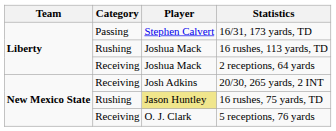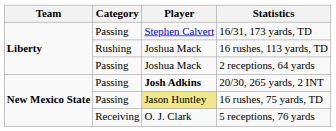 <table class="wikitable" style="float: left;">
 <tr>
 <th>Team</th>
 <th>Category</th>
 <th>Player</th>
 <th>Statistics</th>
 </tr>
 <tr>
 <td rowspan=3><strong>Liberty</strong></td>
 <td>Passing</td>
 <td><a href='#'>Stephen Calvert</a></td>
 <td>16/31, 173 yards, TD</td>
 </tr>
 <tr>
 <td>Rushing</td>
 <td>Joshua Mack</td>
 <td>16 rushes, 113 yards, TD</td>
 </tr>
 <tr>
-<td>Receiving</td>
+<td>Passing</td>
 <td>Joshua Mack</td>
 <td>2 receptions, 64 yards</td>
 </tr>
 <tr>
 <td rowspan=3><strong>New Mexico State</strong></td>
-<td>Receiving</td>
-<td>Josh Adkins</td>
+<td>Passing</td>
+<td><strong>Josh Adkins</strong></td>
 <td>20/30, 265 yards, 2 INT</td>
 </tr>
 <tr>
-<td>Rushing</td>
+<td>Passing</td>
 <td style="background: khaki;">Jason Huntley</td>
 <td>16 rushes, 75 yards, TD</td>
 </tr>
 <tr>
 <td>Receiving</td>
 <td>O. J. Clark</td>
 <td>5 receptions, 76 yards</td>
 </tr>
 </table>
